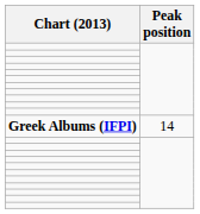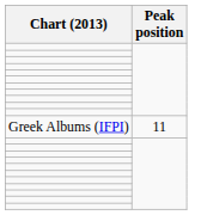 <table class="wikitable sortable">
 <tr>
 <th>Chart (2013)</th>
 <th>Peak<br>position</th>
 </tr>
 <tr>
 <td></td>
 </tr>
 <tr>
 <td></td>
 </tr>
 <tr>
 <td></td>
 </tr>
 <tr>
 <td></td>
 </tr>
 <tr>
 <td></td>
 </tr>
 <tr>
 <td></td>
 </tr>
 <tr>
 <td></td>
 </tr>
 <tr>
 <td></td>
 </tr>
 <tr>
 <td></td>
 </tr>
 <tr>
 <td></td>
 </tr>
 <tr>
 <td></td>
 </tr>
 <tr>
-<td><strong>Greek Albums (<a href='#'>IFPI</a>)</strong></td>
-<td style="text-align:center;">14</td>
+<td>Greek Albums (<a href='#'>IFPI</a>)</td>
+<td style="text-align:center;">11</td>
 </tr>
 <tr>
 <td></td>
 </tr>
 <tr>
 <td></td>
 </tr>
 <tr>
 <td></td>
 </tr>
 <tr>
 <td></td>
 </tr>
 <tr>
 <td></td>
 </tr>
 <tr>
 <td></td>
 </tr>
 <tr>
 <td></td>
 </tr>
 <tr>
 <td></td>
 </tr>
 <tr>
 <td></td>
 </tr>
 <tr>
 <td></td>
 </tr>
 <tr>
 <td></td>
 </tr>
 </table>
